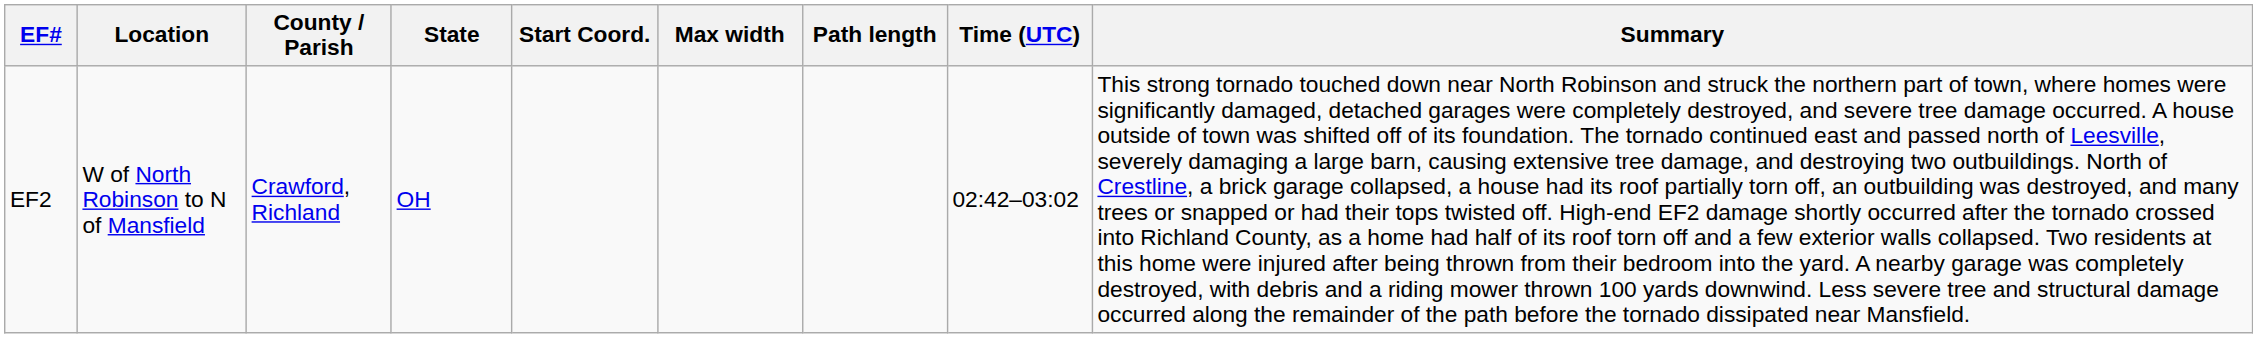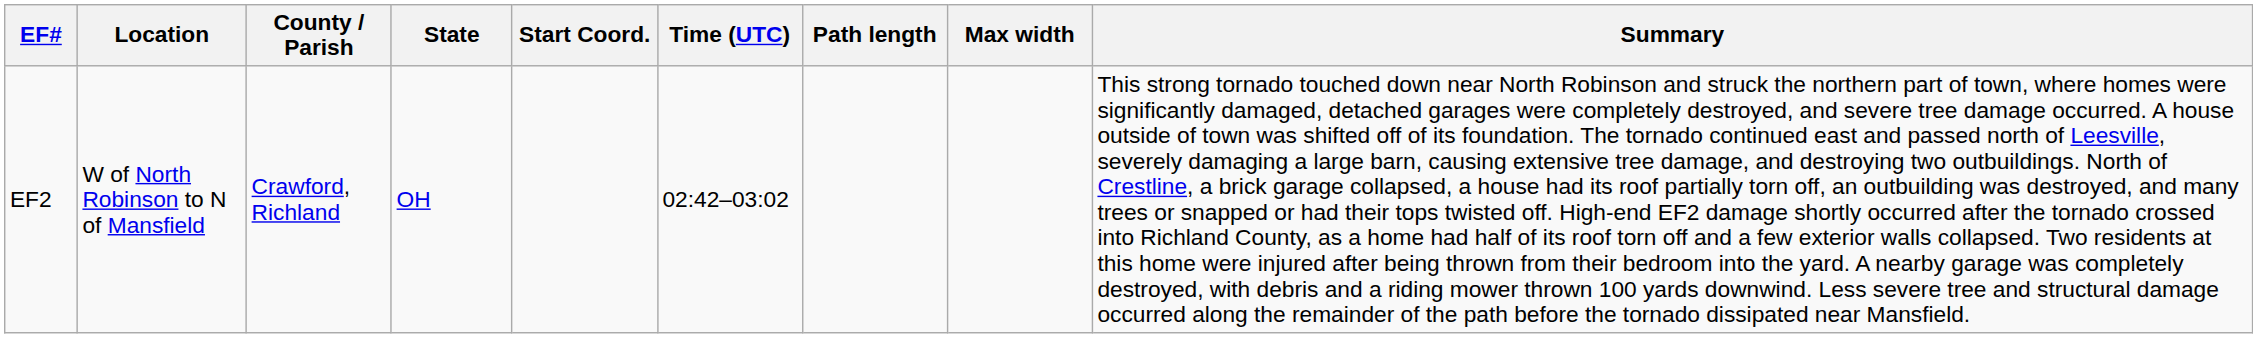 <table class="wikitable sortable" style="width:100%;">
 <tr>
 <th scope="col"  style="width:3%; text-align:center;"><a href='#'>EF#</a></th>
 <th scope="col"  style="width:7%; text-align:center;" class="unsortable">Location</th>
 <th scope="col"  style="width:6%; text-align:center;" class="unsortable">County / Parish</th>
 <th scope="col"  style="width:5%; text-align:center;">State</th>
 <th scope="col"  style="width:6%; text-align:center;">Start Coord.</th>
+<th scope="col"  style="width:6%; text-align:center;">Time (<a href='#'>UTC</a>)</th>
+<th scope="col"  style="width:6%; text-align:center;">Path length</th>
 <th scope="col"  style="width:6%; text-align:center;">Max width</th>
-<th scope="col"  style="width:6%; text-align:center;">Path length</th>
-<th scope="col"  style="width:6%; text-align:center;">Time (<a href='#'>UTC</a>)</th>
 <th scope="col" class="unsortable" style="width:48%; text-align:center;">Summary</th>
 </tr>
 <tr>
 <td>EF2</td>
 <td>W of <a href='#'>North Robinson</a> to N of <a href='#'>Mansfield</a></td>
 <td><a href='#'>Crawford</a>, <a href='#'>Richland</a></td>
 <td><a href='#'>OH</a></td>
 <td></td>
+<td>02:42–03:02</td>
 <td></td>
 <td></td>
-<td>02:42–03:02</td>
 <td>This strong tornado touched down near North Robinson and struck the northern part of town, where homes were significantly damaged, detached garages were completely destroyed, and severe tree damage occurred. A house outside of town was shifted off of its foundation. The tornado continued east and passed north of <a href='#'>Leesville</a>, severely damaging a large barn, causing extensive tree damage, and destroying two outbuildings. North of <a href='#'>Crestline</a>, a brick garage collapsed, a house had its roof partially torn off, an outbuilding was destroyed, and many trees or snapped or had their tops twisted off. High-end EF2 damage shortly occurred after the tornado crossed into Richland County, as a home had half of its roof torn off and a few exterior walls collapsed. Two residents at this home were injured after being thrown from their bedroom into the yard. A nearby garage was completely destroyed, with debris and a riding mower thrown 100 yards downwind. Less severe tree and structural damage occurred along the remainder of the path before the tornado dissipated near Mansfield.</td>
 </tr>
 </table>
